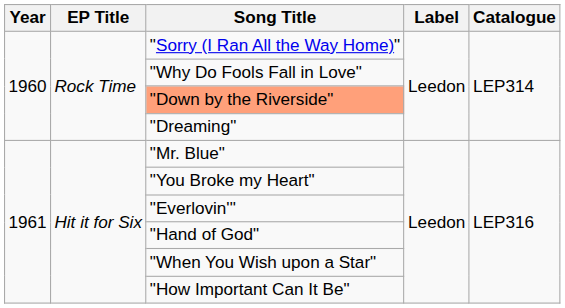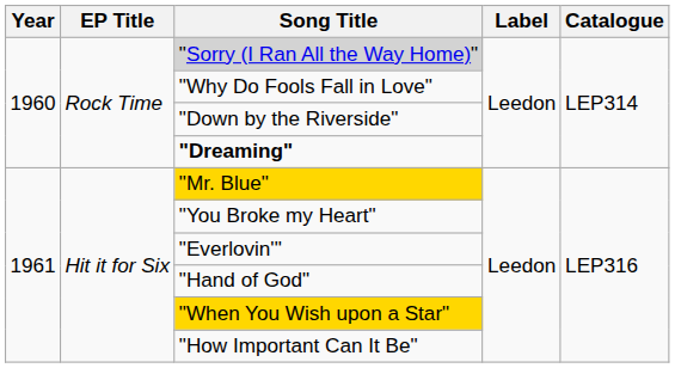 <table class="wikitable">
 <tr>
 <th>Year</th>
 <th>EP Title</th>
 <th>Song Title</th>
 <th>Label</th>
 <th>Catalogue</th>
 </tr>
 <tr>
 <td rowspan="4">1960</td>
 <td rowspan="4"><em>Rock Time</em></td>
-<td>"<a href='#'>Sorry (I Ran All the Way Home)</a>"</td>
+<td style="background: lightgrey;">"<a href='#'>Sorry (I Ran All the Way Home)</a>"</td>
 <td rowspan="4">Leedon</td>
 <td rowspan="4">LEP314</td>
 </tr>
 <tr>
 <td>"Why Do Fools Fall in Love"</td>
 </tr>
 <tr>
-<td style="background: lightsalmon;">"Down by the Riverside"</td>
+<td>"Down by the Riverside"</td>
 </tr>
 <tr>
-<td>"Dreaming"</td>
+<td><strong>"Dreaming"</strong></td>
 </tr>
 <tr>
 <td rowspan="6">1961</td>
 <td rowspan="6"><em>Hit it for Six</em></td>
-<td>"Mr. Blue"</td>
+<td style="background: gold;">"Mr. Blue"</td>
 <td rowspan="6">Leedon</td>
 <td rowspan="6">LEP316</td>
 </tr>
 <tr>
 <td>"You Broke my Heart"</td>
 </tr>
 <tr>
 <td>"Everlovin'"</td>
 </tr>
 <tr>
 <td>"Hand of God"</td>
 </tr>
 <tr>
-<td>"When You Wish upon a Star"</td>
+<td style="background: gold;">"When You Wish upon a Star"</td>
 </tr>
 <tr>
 <td>"How Important Can It Be"</td>
 </tr>
 </table>
